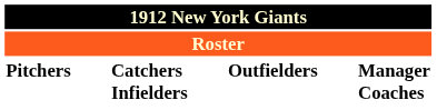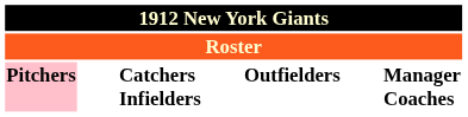 <table class="toccolours" style="font-size: 95%;">
 <tr>
 <th colspan="10" style="background-color: black; color: #FFFDD0; text-align: center;">1912 New York Giants</th>
 </tr>
 <tr>
 <td colspan="10" style="background-color: #fd5a1e; color: #FFFDD0; text-align: center;"><strong>Roster</strong></td>
 </tr>
 <tr>
-<td valign="top"><strong>Pitchers</strong><br>           </td>
+<td valign="top" style="background: pink;"><strong>Pitchers</strong><br>           </td>
 <td width="25px"></td>
 <td valign="top"><strong>Catchers</strong><br>   <strong>Infielders</strong>       </td>
 <td width="25px"></td>
 <td valign="top"><strong>Outfielders</strong><br>     </td>
 <td width="25px"></td>
 <td valign="top"><strong>Manager</strong><br> <strong>Coaches</strong> </td>
 </tr>
 <tr>
 </tr>
 </table>
